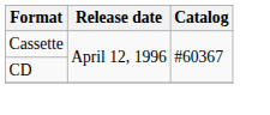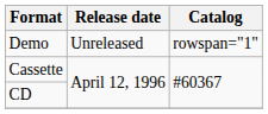 <table class="wikitable">
 <tr>
 <th>Format</th>
 <th>Release date</th>
 <th>Catalog</th>
+</tr>
+<tr>
+<td>Demo</td>
+<td rowspan="1">Unreleased</td>
+<td>rowspan="1" </td>
 </tr>
 <tr>
 <td>Cassette</td>
 <td rowspan="2">April 12, 1996</td>
 <td rowspan="2">#60367</td>
 </tr>
 <tr>
 <td>CD</td>
 </tr>
 <tr>
 </tr>
 </table>
